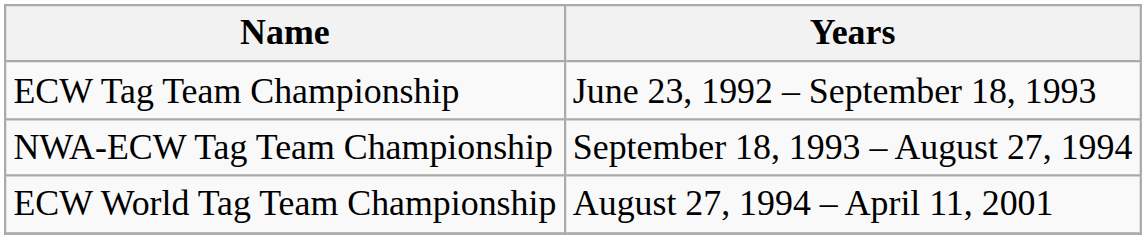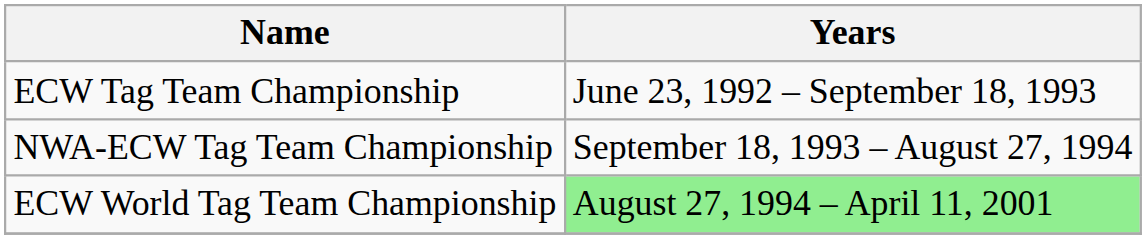 <table class="wikitable" border="1">
 <tr>
 <th>Name</th>
 <th>Years</th>
 </tr>
 <tr>
 <td>ECW Tag Team Championship</td>
 <td>June 23, 1992 – September 18, 1993</td>
 </tr>
 <tr>
 <td>NWA-ECW Tag Team Championship</td>
 <td>September 18, 1993 – August 27, 1994</td>
 </tr>
 <tr>
 <td>ECW World Tag Team Championship</td>
-<td>August 27, 1994 – April 11, 2001</td>
+<td style="background: lightgreen;">August 27, 1994 – April 11, 2001</td>
 </tr>
 <tr>
 </tr>
 </table>
